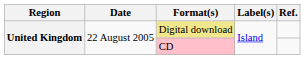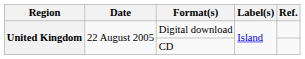 <table class="wikitable plainrowheaders">
 <tr>
 <th scope="col">Region</th>
 <th scope="col">Date</th>
 <th scope="col">Format(s)</th>
 <th scope="col">Label(s)</th>
 <th scope="col">Ref.</th>
 </tr>
 <tr>
 <th scope="row" rowspan="2">United Kingdom</th>
 <td rowspan="2">22 August 2005</td>
-<td style="background: khaki;">Digital download</td>
+<td>Digital download</td>
 <td rowspan="2"><a href='#'>Island</a></td>
 <td></td>
 </tr>
 <tr>
-<td style="background: pink;">CD</td>
+<td>CD</td>
 <td></td>
 </tr>
 </table>
